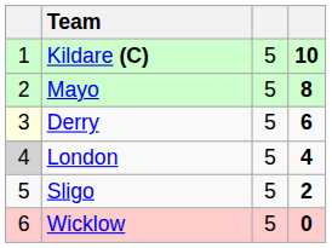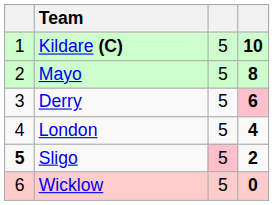 <table class="wikitable" style="text-align:center">
 <tr>
 <th width="20"></th>
 <th style="width:150px; text-align:left;">Team</th>
 <th width="20"></th>
 <th width="20"></th>
 </tr>
 <tr style="background:#cfc;">
 <td>1</td>
 <td style="text-align:left;"> <a href='#'>Kildare</a> <strong>(C)</strong></td>
 <td>5</td>
 <td><strong>10</strong></td>
 </tr>
 <tr style="background:#cfc;">
 <td>2</td>
 <td style="text-align:left;"> <a href='#'>Mayo</a></td>
 <td>5</td>
 <td><strong>8</strong></td>
 </tr>
 <tr>
-<td style="background: lightyellow;">3</td>
+<td>3</td>
 <td style="text-align:left;"> <a href='#'>Derry</a></td>
 <td>5</td>
-<td><strong>6</strong></td>
+<td style="background: pink;"><strong>6</strong></td>
 </tr>
 <tr>
-<td style="background: lightgrey;">4</td>
+<td>4</td>
 <td style="text-align:left;"> <a href='#'>London</a></td>
 <td>5</td>
 <td><strong>4</strong></td>
 </tr>
 <tr>
-<td>5</td>
+<td><strong>5</strong></td>
 <td style="text-align:left;"> <a href='#'>Sligo</a></td>
-<td>5</td>
+<td style="background: pink;">5</td>
 <td><strong>2</strong></td>
 </tr>
 <tr style="background:#fcc;">
 <td>6</td>
 <td style="text-align:left;"> <a href='#'>Wicklow</a></td>
 <td>5</td>
 <td><strong>0</strong></td>
 </tr>
 </table>
